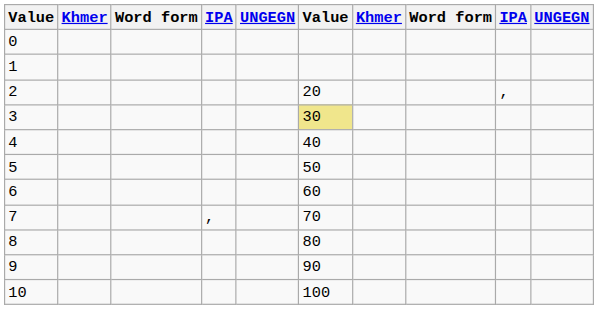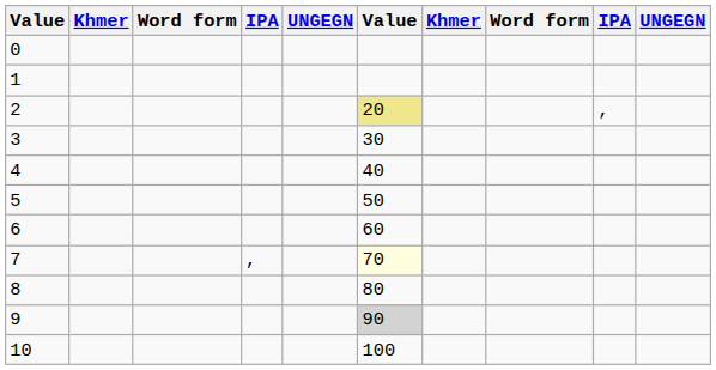 <table class="wikitable">
 <tr>
 <th>Value</th>
 <th><a href='#'>Khmer</a></th>
 <th>Word form</th>
 <th><a href='#'>IPA</a></th>
 <th><a href='#'>UNGEGN</a></th>
 <th>Value</th>
 <th><a href='#'>Khmer</a></th>
 <th>Word form</th>
 <th><a href='#'>IPA</a></th>
 <th><a href='#'>UNGEGN</a></th>
 </tr>
 <tr>
 <td>0</td>
 <td></td>
 <td></td>
 <td></td>
 <td></td>
 <td></td>
 <td></td>
 <td></td>
 <td></td>
 <td></td>
 </tr>
 <tr>
 <td>1</td>
 <td></td>
 <td></td>
 <td></td>
 <td></td>
 <td></td>
 <td></td>
 <td></td>
 <td></td>
 <td></td>
 </tr>
 <tr>
 <td>2</td>
 <td></td>
 <td></td>
 <td></td>
 <td></td>
-<td>20</td>
+<td style="background: khaki;">20</td>
 <td></td>
 <td></td>
 <td>, </td>
 <td></td>
 </tr>
 <tr>
 <td>3</td>
 <td></td>
 <td></td>
 <td></td>
 <td></td>
-<td style="background: khaki;">30</td>
+<td>30</td>
 <td></td>
 <td></td>
 <td></td>
 <td></td>
 </tr>
 <tr>
 <td>4</td>
 <td></td>
 <td></td>
 <td></td>
 <td></td>
 <td>40</td>
 <td></td>
 <td></td>
 <td></td>
 <td></td>
 </tr>
 <tr>
 <td>5</td>
 <td></td>
 <td></td>
 <td></td>
 <td></td>
 <td>50</td>
 <td></td>
 <td></td>
 <td></td>
 <td></td>
 </tr>
 <tr>
 <td>6</td>
 <td></td>
 <td></td>
 <td></td>
 <td></td>
 <td>60</td>
 <td></td>
 <td></td>
 <td></td>
 <td></td>
 </tr>
 <tr>
 <td>7</td>
 <td></td>
 <td></td>
 <td>, </td>
 <td></td>
-<td>70</td>
+<td style="background: lightyellow;">70</td>
 <td></td>
 <td></td>
 <td></td>
 <td></td>
 </tr>
 <tr>
 <td>8</td>
 <td></td>
 <td></td>
 <td></td>
 <td></td>
 <td>80</td>
 <td></td>
 <td></td>
 <td></td>
 <td></td>
 </tr>
 <tr>
 <td>9</td>
 <td></td>
 <td></td>
 <td></td>
 <td></td>
-<td>90</td>
+<td style="background: lightgrey;">90</td>
 <td></td>
 <td></td>
 <td></td>
 <td></td>
 </tr>
 <tr>
 <td>10</td>
 <td></td>
 <td></td>
 <td></td>
 <td></td>
 <td>100</td>
 <td></td>
 <td></td>
 <td></td>
 <td></td>
 </tr>
 </table>
